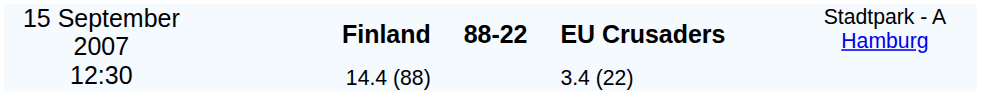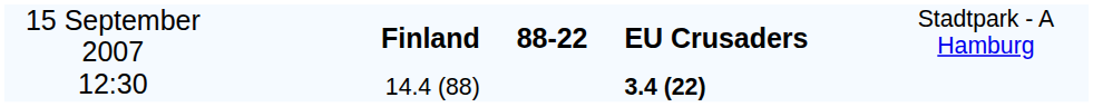 <table style="width: 100%; background:#F5FAFF;" cellspacing="0">
 <tr>
 <td align=center rowspan=3 width=20%>15 September 2007<br>12:30</td>
 </tr>
 <tr>
 <td width=24% align=right><strong>Finland</strong></td>
 <td align=center width=13%><strong>88-22</strong></td>
 <td width=24%><strong>EU Crusaders</strong></td>
 <td style=font-size:85% rowspan=3 valign=top align=center>Stadtpark - A <br><a href='#'>Hamburg</a></td>
 </tr>
 <tr style=font-size:85%>
 <td align=right>14.4 (88)</td>
 <td align=center></td>
-<td>3.4 (22)</td>
+<td><strong>3.4 (22)</strong></td>
 </tr>
 </table>
